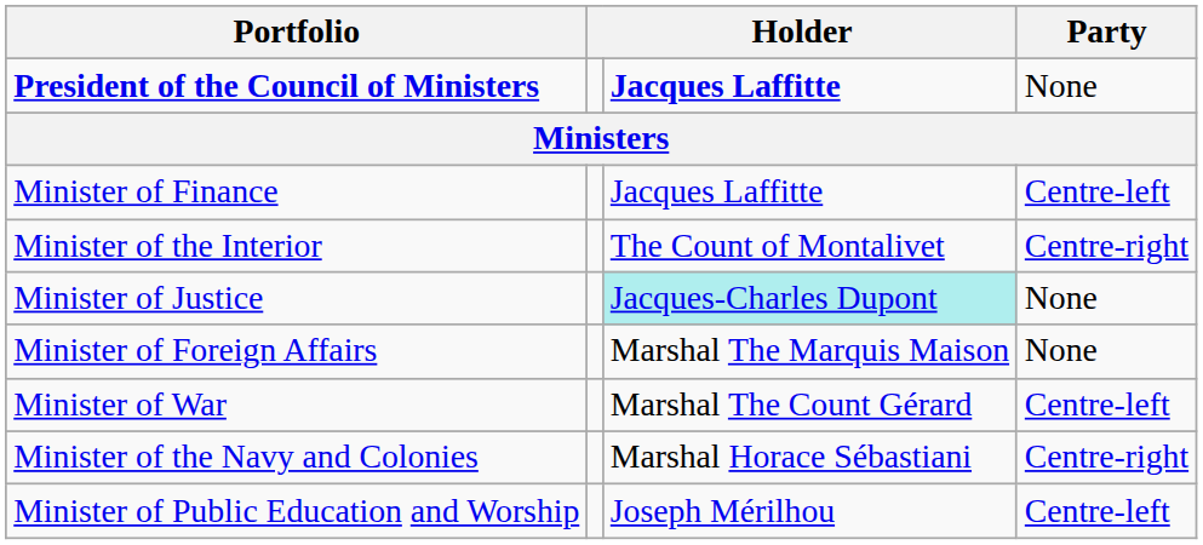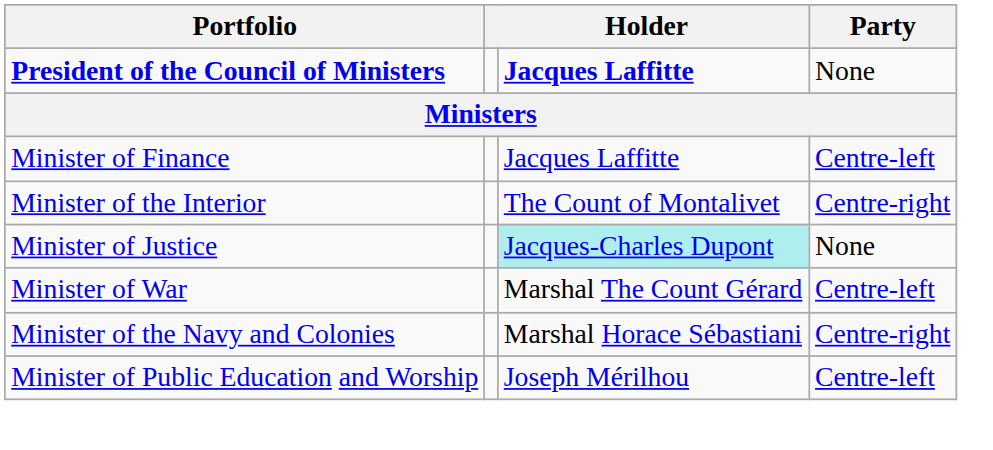 <table class="wikitable">
 <tr>
 <th>Portfolio</th>
 <th colspan=2>Holder</th>
 <th>Party</th>
 </tr>
 <tr>
 <td><strong><a href='#'>President of the Council of Ministers</a></strong></td>
 <td style="background:"></td>
 <td><strong><a href='#'>Jacques Laffitte</a></strong></td>
 <td>None</td>
 </tr>
 <tr>
 <th colspan=4 align=center><a href='#'>Ministers</a></th>
 </tr>
 <tr>
 <td><a href='#'>Minister of Finance</a></td>
 <td style="background:"></td>
 <td><a href='#'>Jacques Laffitte</a></td>
 <td><a href='#'>Centre-left</a></td>
 </tr>
 <tr>
 <td><a href='#'>Minister of the Interior</a></td>
 <td style="background:"></td>
 <td><a href='#'>The Count of Montalivet</a></td>
 <td><a href='#'>Centre-right</a></td>
 </tr>
 <tr>
 <td><a href='#'>Minister of Justice</a></td>
 <td style="background:"></td>
 <td style="background: paleturquoise;"><a href='#'>Jacques-Charles Dupont</a></td>
 <td>None</td>
 </tr>
 <tr>
-<td><a href='#'>Minister of Foreign Affairs</a></td>
-<td style="background:"></td>
-<td>Marshal <a href='#'>The Marquis Maison</a></td>
-<td>None</td>
-</tr>
-<tr>
 <td><a href='#'>Minister of War</a></td>
 <td style="background:"></td>
 <td>Marshal <a href='#'>The Count Gérard</a></td>
 <td><a href='#'>Centre-left</a></td>
 </tr>
 <tr>
 <td><a href='#'>Minister of the Navy and Colonies</a></td>
 <td style="background:"></td>
 <td>Marshal <a href='#'>Horace Sébastiani</a></td>
 <td><a href='#'>Centre-right</a></td>
 </tr>
 <tr>
 <td><a href='#'>Minister of Public Education</a> <a href='#'>and Worship</a></td>
 <td style="background:"></td>
 <td><a href='#'>Joseph Mérilhou</a></td>
 <td><a href='#'>Centre-left</a></td>
 </tr>
 </table>
